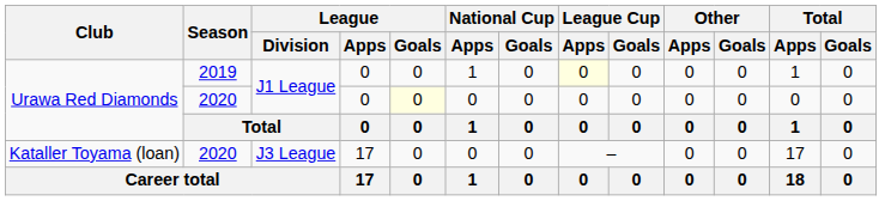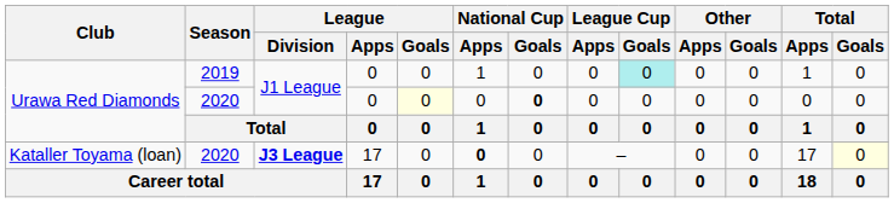 <table class="wikitable" style="text-align: center">
 <tr>
 <th rowspan="2">Club</th>
 <th rowspan="2">Season</th>
 <th colspan="3">League</th>
 <th colspan="2">National Cup</th>
 <th colspan="2">League Cup</th>
 <th colspan="2">Other</th>
 <th colspan="2">Total</th>
 </tr>
 <tr>
 <th>Division</th>
 <th>Apps</th>
 <th>Goals</th>
 <th>Apps</th>
 <th>Goals</th>
 <th>Apps</th>
 <th>Goals</th>
 <th>Apps</th>
 <th>Goals</th>
 <th>Apps</th>
 <th>Goals</th>
 </tr>
 <tr>
 <td rowspan="3"><a href='#'>Urawa Red Diamonds</a></td>
 <td><a href='#'>2019</a></td>
 <td rowspan="2"><a href='#'>J1 League</a></td>
 <td>0</td>
 <td>0</td>
 <td>1</td>
 <td>0</td>
-<td style="background: lightyellow;">0</td>
 <td>0</td>
+<td style="background: paleturquoise;">0</td>
 <td>0</td>
 <td>0</td>
 <td>1</td>
 <td>0</td>
 </tr>
 <tr>
 <td><a href='#'>2020</a></td>
 <td>0</td>
 <td style="background: lightyellow;">0</td>
 <td>0</td>
-<td>0</td>
+<td><strong>0</strong></td>
 <td>0</td>
 <td>0</td>
 <td>0</td>
 <td>0</td>
 <td>0</td>
 <td>0</td>
 </tr>
 <tr>
 <th colspan=2>Total</th>
 <th>0</th>
 <th>0</th>
 <th>1</th>
 <th>0</th>
 <th>0</th>
 <th>0</th>
 <th>0</th>
 <th>0</th>
 <th>1</th>
 <th>0</th>
 </tr>
 <tr>
 <td><a href='#'>Kataller Toyama</a> (loan)</td>
 <td><a href='#'>2020</a></td>
-<td><a href='#'>J3 League</a></td>
+<td><strong><a href='#'>J3 League</a></strong></td>
 <td>17</td>
 <td>0</td>
-<td>0</td>
+<td><strong>0</strong></td>
 <td>0</td>
 <td colspan="2">–</td>
 <td>0</td>
 <td>0</td>
 <td>17</td>
-<td>0</td>
+<td style="background: lightyellow;">0</td>
 </tr>
 <tr>
 <th colspan=3>Career total</th>
 <th>17</th>
 <th>0</th>
 <th>1</th>
 <th>0</th>
 <th>0</th>
 <th>0</th>
 <th>0</th>
 <th>0</th>
 <th>18</th>
 <th>0</th>
 </tr>
 </table>
